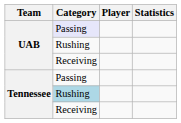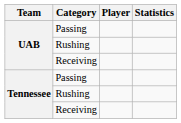 <table class="wikitable" style="float:right">
 <tr>
 <th>Team</th>
 <th>Category</th>
 <th>Player</th>
 <th>Statistics</th>
 </tr>
 <tr>
 <th rowspan=3>UAB</th>
-<td style="background: lavender;">Passing</td>
+<td>Passing</td>
 <td></td>
 <td></td>
 </tr>
 <tr>
 <td>Rushing</td>
 <td></td>
 <td></td>
 </tr>
 <tr>
 <td>Receiving</td>
 <td></td>
 <td></td>
 </tr>
 <tr>
 <th rowspan=3>Tennessee</th>
 <td>Passing</td>
 <td></td>
 <td></td>
 </tr>
 <tr>
-<td style="background: lightblue;">Rushing</td>
+<td>Rushing</td>
 <td></td>
 <td></td>
 </tr>
 <tr>
 <td>Receiving</td>
 <td></td>
 <td></td>
 </tr>
 </table>
